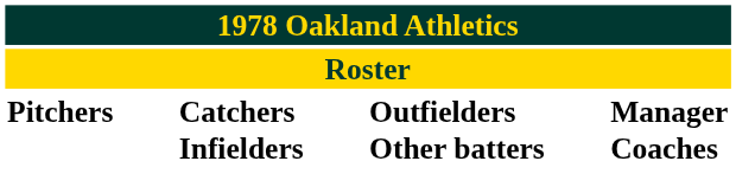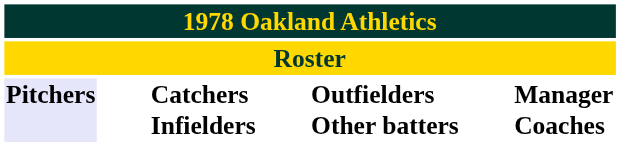 <table class="toccolours" style="font-size: 95%;">
 <tr>
 <th colspan="10" style="background-color: #003831; color: #FFD800; text-align: center;">1978 Oakland Athletics</th>
 </tr>
 <tr>
 <td colspan="10" style="background-color: #FFD800; color: #003831; text-align: center;"><strong>Roster</strong></td>
 </tr>
 <tr>
-<td valign="top"><strong>Pitchers</strong><br>              </td>
+<td valign="top" style="background: lavender;"><strong>Pitchers</strong><br>              </td>
 <td width="25px"></td>
 <td valign="top"><strong>Catchers</strong><br>     <strong>Infielders</strong>            </td>
 <td width="25px"></td>
 <td valign="top"><strong>Outfielders</strong><br>             <strong>Other batters</strong> </td>
 <td width="25px"></td>
 <td valign="top"><strong>Manager</strong><br>  <strong>Coaches</strong>    </td>
 </tr>
 </table>
